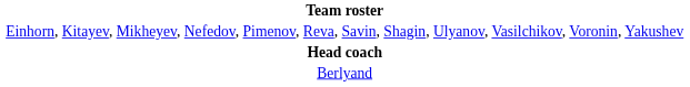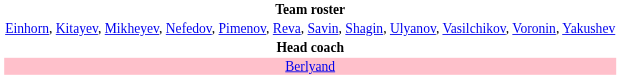 <table style="text-align: center; margin-top: 2em; margin-left: auto; margin-right: auto">
 <tr>
 <td><strong>Team roster</strong></td>
 </tr>
 <tr>
 <td><a href='#'>Einhorn</a>, <a href='#'>Kitayev</a>, <a href='#'>Mikheyev</a>, <a href='#'>Nefedov</a>, <a href='#'>Pimenov</a>, <a href='#'>Reva</a>, <a href='#'>Savin</a>, <a href='#'>Shagin</a>, <a href='#'>Ulyanov</a>, <a href='#'>Vasilchikov</a>, <a href='#'>Voronin</a>, <a href='#'>Yakushev</a></td>
 </tr>
 <tr>
 <td><strong>Head coach</strong></td>
 </tr>
 <tr>
-<td><a href='#'>Berlyand</a></td>
+<td style="background: pink;"><a href='#'>Berlyand</a></td>
 </tr>
 <tr>
 </tr>
 </table>
